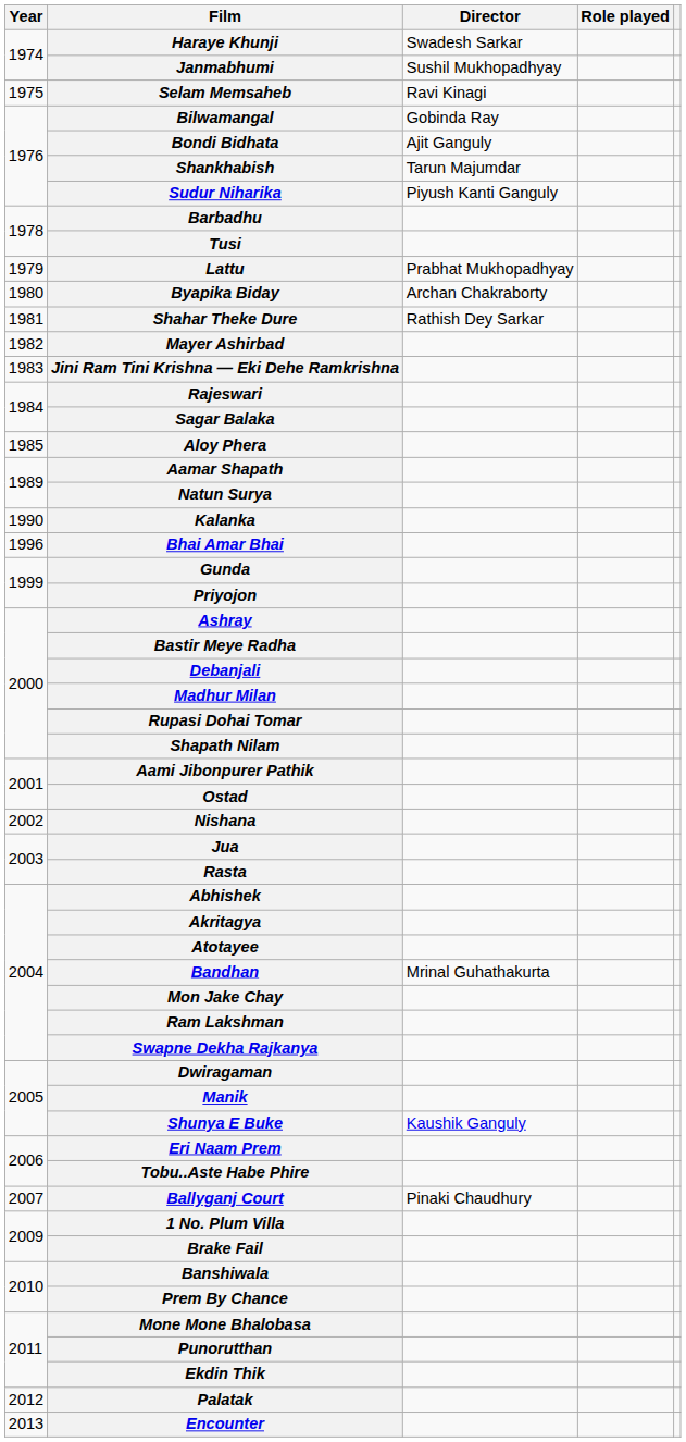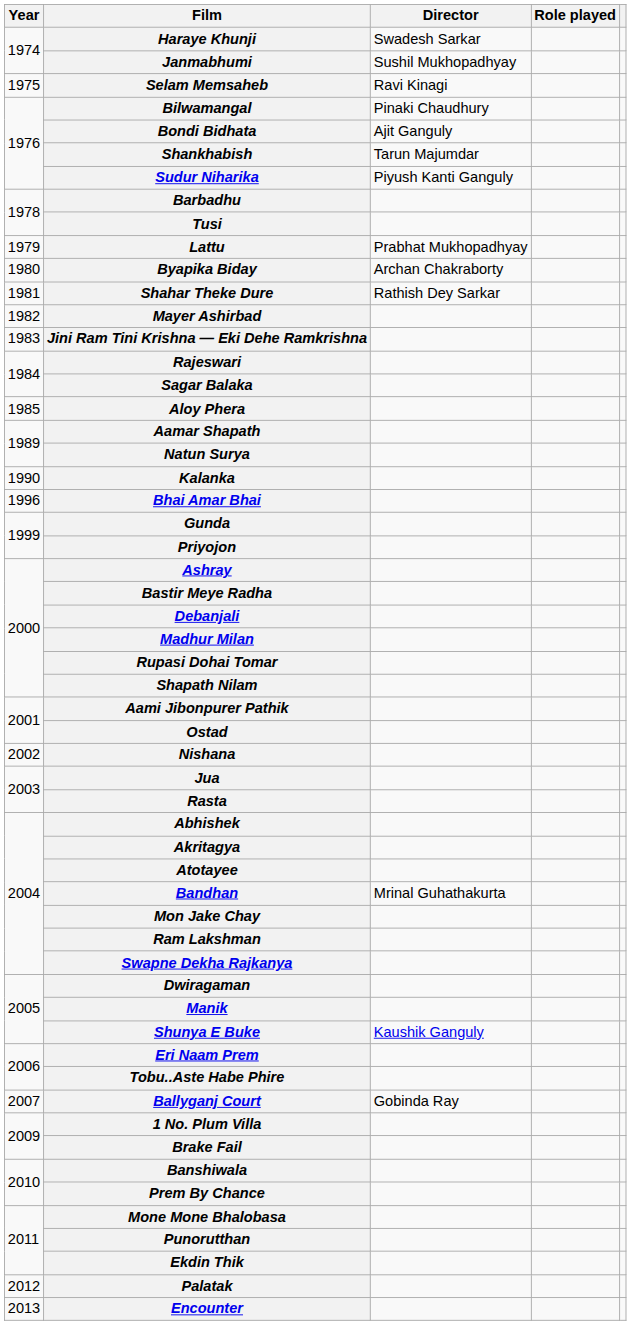 <table class="wikitable">
 <tr>
 <th>Year</th>
 <th>Film</th>
 <th>Director</th>
 <th>Role played</th>
 <th></th>
 </tr>
 <tr>
 <td rowspan="2">1974</td>
 <th scope="row"><em>Haraye Khunji</em></th>
 <td>Swadesh Sarkar</td>
 <td></td>
 <td></td>
 </tr>
 <tr>
 <th scope="row"><em>Janmabhumi</em></th>
 <td>Sushil Mukhopadhyay</td>
 <td></td>
 <td></td>
 </tr>
 <tr>
 <td>1975</td>
 <th scope="row"><em>Selam Memsaheb</em></th>
 <td>Ravi Kinagi</td>
 <td></td>
 <td></td>
 </tr>
 <tr>
 <td rowspan="4">1976</td>
 <th scope="row"><em>Bilwamangal</em></th>
-<td>Gobinda Ray</td>
+<td>Pinaki Chaudhury</td>
 <td></td>
 <td></td>
 </tr>
 <tr>
 <th scope="row"><em>Bondi Bidhata</em></th>
 <td>Ajit Ganguly</td>
 <td></td>
 <td></td>
 </tr>
 <tr>
 <th scope="row"><em>Shankhabish</em></th>
 <td>Tarun Majumdar</td>
 <td></td>
 <td></td>
 </tr>
 <tr>
 <th scope="row"><em><a href='#'>Sudur Niharika</a></em></th>
 <td>Piyush Kanti Ganguly</td>
 <td></td>
 <td></td>
 </tr>
 <tr>
 <td rowspan="2">1978</td>
 <th scope="row"><em>Barbadhu</em></th>
 <td></td>
 <td></td>
 <td></td>
 </tr>
 <tr>
 <th scope="row"><em>Tusi</em></th>
 <td></td>
 <td></td>
 <td></td>
 </tr>
 <tr>
 <td>1979</td>
 <th scope="row"><em>Lattu</em></th>
 <td>Prabhat Mukhopadhyay</td>
 <td></td>
 <td></td>
 </tr>
 <tr>
 <td>1980</td>
 <th scope="row"><em>Byapika Biday</em></th>
 <td>Archan Chakraborty</td>
 <td></td>
 <td></td>
 </tr>
 <tr>
 <td>1981</td>
 <th scope="row"><em>Shahar Theke Dure</em></th>
 <td>Rathish Dey Sarkar</td>
 <td></td>
 <td></td>
 </tr>
 <tr>
 <td>1982</td>
 <th scope="row"><em>Mayer Ashirbad</em></th>
 <td></td>
 <td></td>
 <td></td>
 </tr>
 <tr>
 <td>1983</td>
 <th scope="row"><em>Jini Ram Tini Krishna — Eki Dehe Ramkrishna</em></th>
 <td></td>
 <td></td>
 <td></td>
 </tr>
 <tr>
 <td rowspan="2">1984</td>
 <th scope="row"><em>Rajeswari</em></th>
 <td></td>
 <td></td>
 <td></td>
 </tr>
 <tr>
 <th scope="row"><em>Sagar Balaka</em></th>
 <td></td>
 <td></td>
 <td></td>
 </tr>
 <tr>
 <td>1985</td>
 <th scope="row"><em>Aloy Phera</em></th>
 <td></td>
 <td></td>
 <td></td>
 </tr>
 <tr>
 <td rowspan="2">1989</td>
 <th><em>Aamar Shapath</em></th>
 <td></td>
 <td></td>
 <td></td>
 </tr>
 <tr>
 <th><em>Natun Surya</em></th>
 <td></td>
 <td></td>
 <td></td>
 </tr>
 <tr>
 <td>1990</td>
 <th><em>Kalanka</em></th>
 <td></td>
 <td></td>
 <td></td>
 </tr>
 <tr>
 <td>1996</td>
 <th><em><a href='#'>Bhai Amar Bhai</a></em></th>
 <td></td>
 <td></td>
 <td></td>
 </tr>
 <tr>
 <td rowspan="2">1999</td>
 <th><em>Gunda</em></th>
 <td></td>
 <td></td>
 <td></td>
 </tr>
 <tr>
 <th><em>Priyojon</em></th>
 <td></td>
 <td></td>
 <td></td>
 </tr>
 <tr>
 <td rowspan="6">2000</td>
 <th><em><a href='#'>Ashray</a></em></th>
 <td></td>
 <td></td>
 <td></td>
 </tr>
 <tr>
 <th><em>Bastir Meye Radha</em></th>
 <td></td>
 <td></td>
 <td></td>
 </tr>
 <tr>
 <th><em><a href='#'>Debanjali</a></em></th>
 <td></td>
 <td></td>
 <td></td>
 </tr>
 <tr>
 <th><em><a href='#'>Madhur Milan</a></em></th>
 <td></td>
 <td></td>
 <td></td>
 </tr>
 <tr>
 <th><em>Rupasi Dohai Tomar</em></th>
 <td></td>
 <td></td>
 <td></td>
 </tr>
 <tr>
 <th><em>Shapath Nilam</em></th>
 <td></td>
 <td></td>
 <td></td>
 </tr>
 <tr>
 <td rowspan="2">2001</td>
 <th><em>Aami Jibonpurer Pathik</em></th>
 <td></td>
 <td></td>
 <td></td>
 </tr>
 <tr>
 <th><em>Ostad</em></th>
 <td></td>
 <td></td>
 <td></td>
 </tr>
 <tr>
 <td>2002</td>
 <th><em>Nishana</em></th>
 <td></td>
 <td></td>
 <td></td>
 </tr>
 <tr>
 <td rowspan="2">2003</td>
 <th><em>Jua</em></th>
 <td></td>
 <td></td>
 <td></td>
 </tr>
 <tr>
 <th><em>Rasta</em></th>
 <td></td>
 <td></td>
 <td></td>
 </tr>
 <tr>
 <td rowspan="7">2004</td>
 <th><em>Abhishek</em></th>
 <td></td>
 <td></td>
 <td></td>
 </tr>
 <tr>
 <th><em>Akritagya</em></th>
 <td></td>
 <td></td>
 <td></td>
 </tr>
 <tr>
 <th><em>Atotayee</em></th>
 <td></td>
 <td></td>
 <td></td>
 </tr>
 <tr>
 <th><em><a href='#'>Bandhan</a></em></th>
 <td>Mrinal Guhathakurta</td>
 <td></td>
 <td></td>
 </tr>
 <tr>
 <th><em>Mon Jake Chay</em></th>
 <td></td>
 <td></td>
 <td></td>
 </tr>
 <tr>
 <th><em>Ram Lakshman</em></th>
 <td></td>
 <td></td>
 <td></td>
 </tr>
 <tr>
 <th><em><a href='#'>Swapne Dekha Rajkanya</a></em></th>
 <td></td>
 <td></td>
 <td></td>
 </tr>
 <tr>
 <td rowspan="3">2005</td>
 <th><em>Dwiragaman</em></th>
 <td></td>
 <td></td>
 <td></td>
 </tr>
 <tr>
 <th><em><a href='#'>Manik</a></em></th>
 <td></td>
 <td></td>
 <td></td>
 </tr>
 <tr>
 <th><em><a href='#'>Shunya E Buke</a></em></th>
 <td><a href='#'>Kaushik Ganguly</a></td>
 <td></td>
 <td></td>
 </tr>
 <tr>
 <td rowspan="2">2006</td>
 <th scope="row"><em><a href='#'>Eri Naam Prem</a></em></th>
 <td></td>
 <td></td>
 <td></td>
 </tr>
 <tr>
 <th scope="row"><em>Tobu..Aste Habe Phire</em></th>
 <td></td>
 <td></td>
 <td></td>
 </tr>
 <tr>
 <td>2007</td>
 <th scope="row"><em><a href='#'>Ballyganj Court</a></em></th>
-<td>Pinaki Chaudhury</td>
+<td>Gobinda Ray</td>
 <td></td>
 <td></td>
 </tr>
 <tr>
 <td rowspan="2">2009</td>
 <th scope="row"><em>1 No. Plum Villa</em></th>
 <td></td>
 <td></td>
 <td></td>
 </tr>
 <tr>
 <th scope="row"><em>Brake Fail</em></th>
 <td></td>
 <td></td>
 <td></td>
 </tr>
 <tr>
 <td rowspan="2">2010</td>
 <th scope="row"><em>Banshiwala</em></th>
 <td></td>
 <td></td>
 <td></td>
 </tr>
 <tr>
 <th scope="row"><em>Prem By Chance</em></th>
 <td></td>
 <td></td>
 <td></td>
 </tr>
 <tr>
 <td rowspan="3">2011</td>
 <th scope="row"><em>Mone Mone Bhalobasa</em></th>
 <td></td>
 <td></td>
 <td></td>
 </tr>
 <tr>
 <th scope="row"><em>Punorutthan</em></th>
 <td></td>
 <td></td>
 <td></td>
 </tr>
 <tr>
 <th scope="row"><em>Ekdin Thik</em></th>
 <td></td>
 <td></td>
 <td></td>
 </tr>
 <tr>
 <td>2012</td>
 <th scope="row"><em>Palatak</em></th>
 <td></td>
 <td></td>
 <td></td>
 </tr>
 <tr>
 <td>2013</td>
 <th scope="row"><em><a href='#'>Encounter</a></em></th>
 <td></td>
 <td></td>
 <td></td>
 </tr>
 </table>
